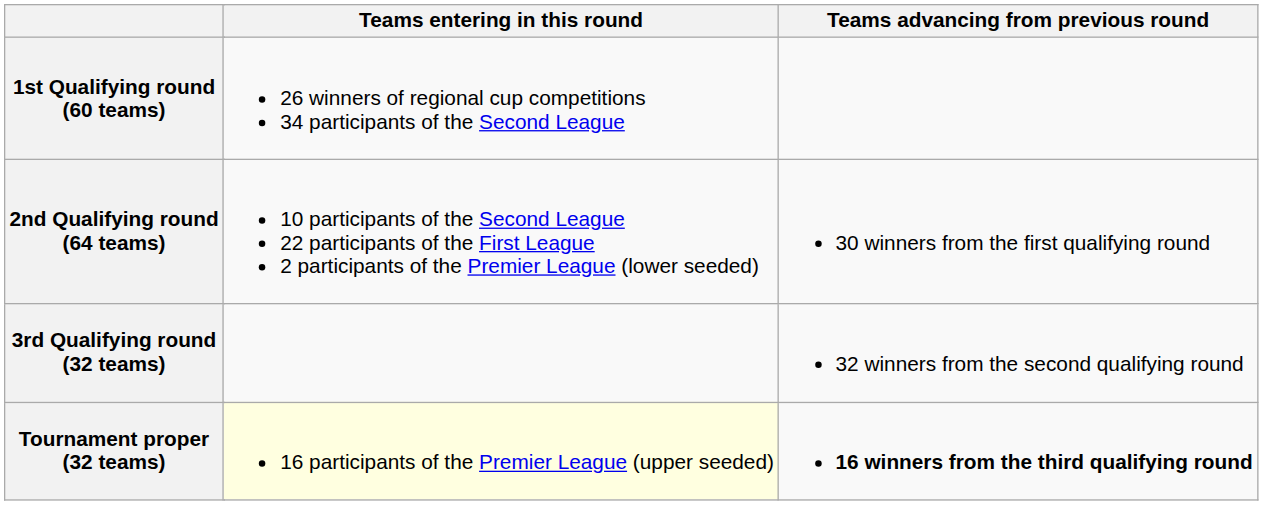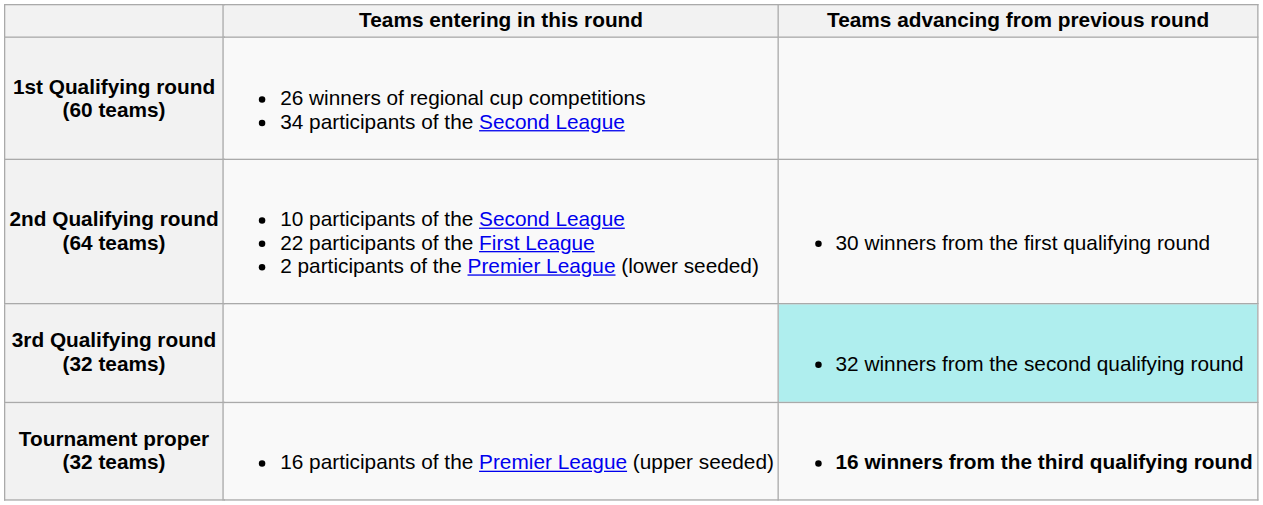 <table class="wikitable">
 <tr>
 <th colspan=2></th>
 <th>Teams entering in this round</th>
 <th>Teams advancing from previous round</th>
 </tr>
 <tr>
 <th colspan=2>1st Qualifying round<br> (60 teams)</th>
 <td><br><ul><li>26 winners of regional cup competitions</li><li>34 participants of the <a href='#'>Second League</a></li></ul></td>
 <td></td>
 </tr>
 <tr>
 <th colspan=2>2nd Qualifying round<br> (64 teams)</th>
 <td><br><ul><li>10 participants of the <a href='#'>Second League</a></li><li>22 participants of the <a href='#'>First League</a></li><li>2 participants of the <a href='#'>Premier League</a> (lower seeded)</li></ul></td>
 <td><br><ul><li>30 winners from the first qualifying round</li></ul></td>
 </tr>
 <tr>
 <th colspan=2>3rd Qualifying round<br> (32 teams)</th>
 <td></td>
-<td><br><ul><li>32 winners from the second qualifying round</li></ul></td>
+<td style="background: paleturquoise;"><br><ul><li>32 winners from the second qualifying round</li></ul></td>
 </tr>
 <tr>
 <th colspan=2>Tournament proper<br> (32 teams)</th>
-<td style="background: lightyellow;"><br><ul><li>16 participants of the <a href='#'>Premier League</a> (upper seeded)</li></ul></td>
+<td><br><ul><li>16 participants of the <a href='#'>Premier League</a> (upper seeded)</li></ul></td>
 <td><strong><br><ul><li>16 winners from the third qualifying round</li></ul></strong></td>
 </tr>
 </table>
